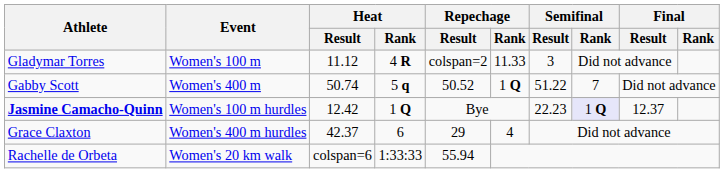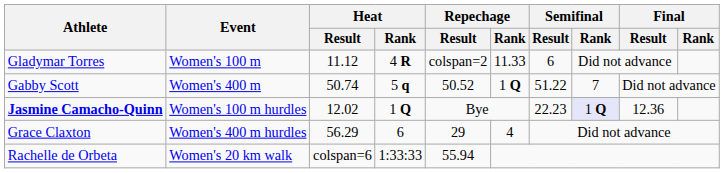 <table class="wikitable" style="font-size:90%">
 <tr>
 <th rowspan="2">Athlete</th>
 <th rowspan="2">Event</th>
 <th colspan="2">Heat</th>
 <th colspan="2">Repechage</th>
 <th colspan="2">Semifinal</th>
 <th colspan="2">Final</th>
 </tr>
 <tr style="font-size:95%">
 <th>Result</th>
 <th>Rank</th>
 <th>Result</th>
 <th>Rank</th>
 <th>Result</th>
 <th>Rank</th>
 <th>Result</th>
 <th>Rank</th>
 </tr>
 <tr align=center>
 <td align=left><a href='#'>Gladymar Torres</a></td>
 <td align=left><a href='#'>Women's 100 m</a></td>
 <td>11.12 <strong></strong></td>
 <td>4 <strong>R</strong></td>
 <td>colspan=2 </td>
 <td>11.33</td>
-<td>3</td>
+<td>6</td>
 <td colspan=2>Did not advance</td>
 </tr>
 <tr align=center>
 <td align=left><a href='#'>Gabby Scott</a></td>
 <td align=left><a href='#'>Women's 400 m</a></td>
 <td>50.74 <strong></strong></td>
 <td>5 <strong>q</strong></td>
 <td>50.52 <strong></strong></td>
 <td>1 <strong>Q</strong></td>
 <td>51.22</td>
 <td>7</td>
 <td colspan=2>Did not advance</td>
 </tr>
 <tr align=center>
 <td align=left><strong><a href='#'>Jasmine Camacho-Quinn</a></strong></td>
 <td align=left><a href='#'>Women's 100 m hurdles</a></td>
-<td>12.42</td>
+<td>12.02</td>
 <td>1 <strong>Q</strong></td>
 <td colspan=2>Bye</td>
 <td>22.23 <strong></strong></td>
 <td style="background: lavender;">1 <strong>Q</strong></td>
-<td>12.37</td>
+<td>12.36</td>
 <td></td>
 </tr>
 <tr align=center>
 <td align=left><a href='#'>Grace Claxton</a></td>
 <td align=left><a href='#'>Women's 400 m hurdles</a></td>
-<td>42.37</td>
+<td>56.29</td>
 <td>6</td>
 <td>29</td>
 <td>4</td>
 <td colspan=4>Did not advance</td>
 </tr>
 <tr align=center>
 <td align=left><a href='#'>Rachelle de Orbeta</a></td>
 <td align=left><a href='#'>Women's 20 km walk</a></td>
 <td>colspan=6 </td>
 <td>1:33:33</td>
 <td>55.94</td>
 </tr>
 </table>
